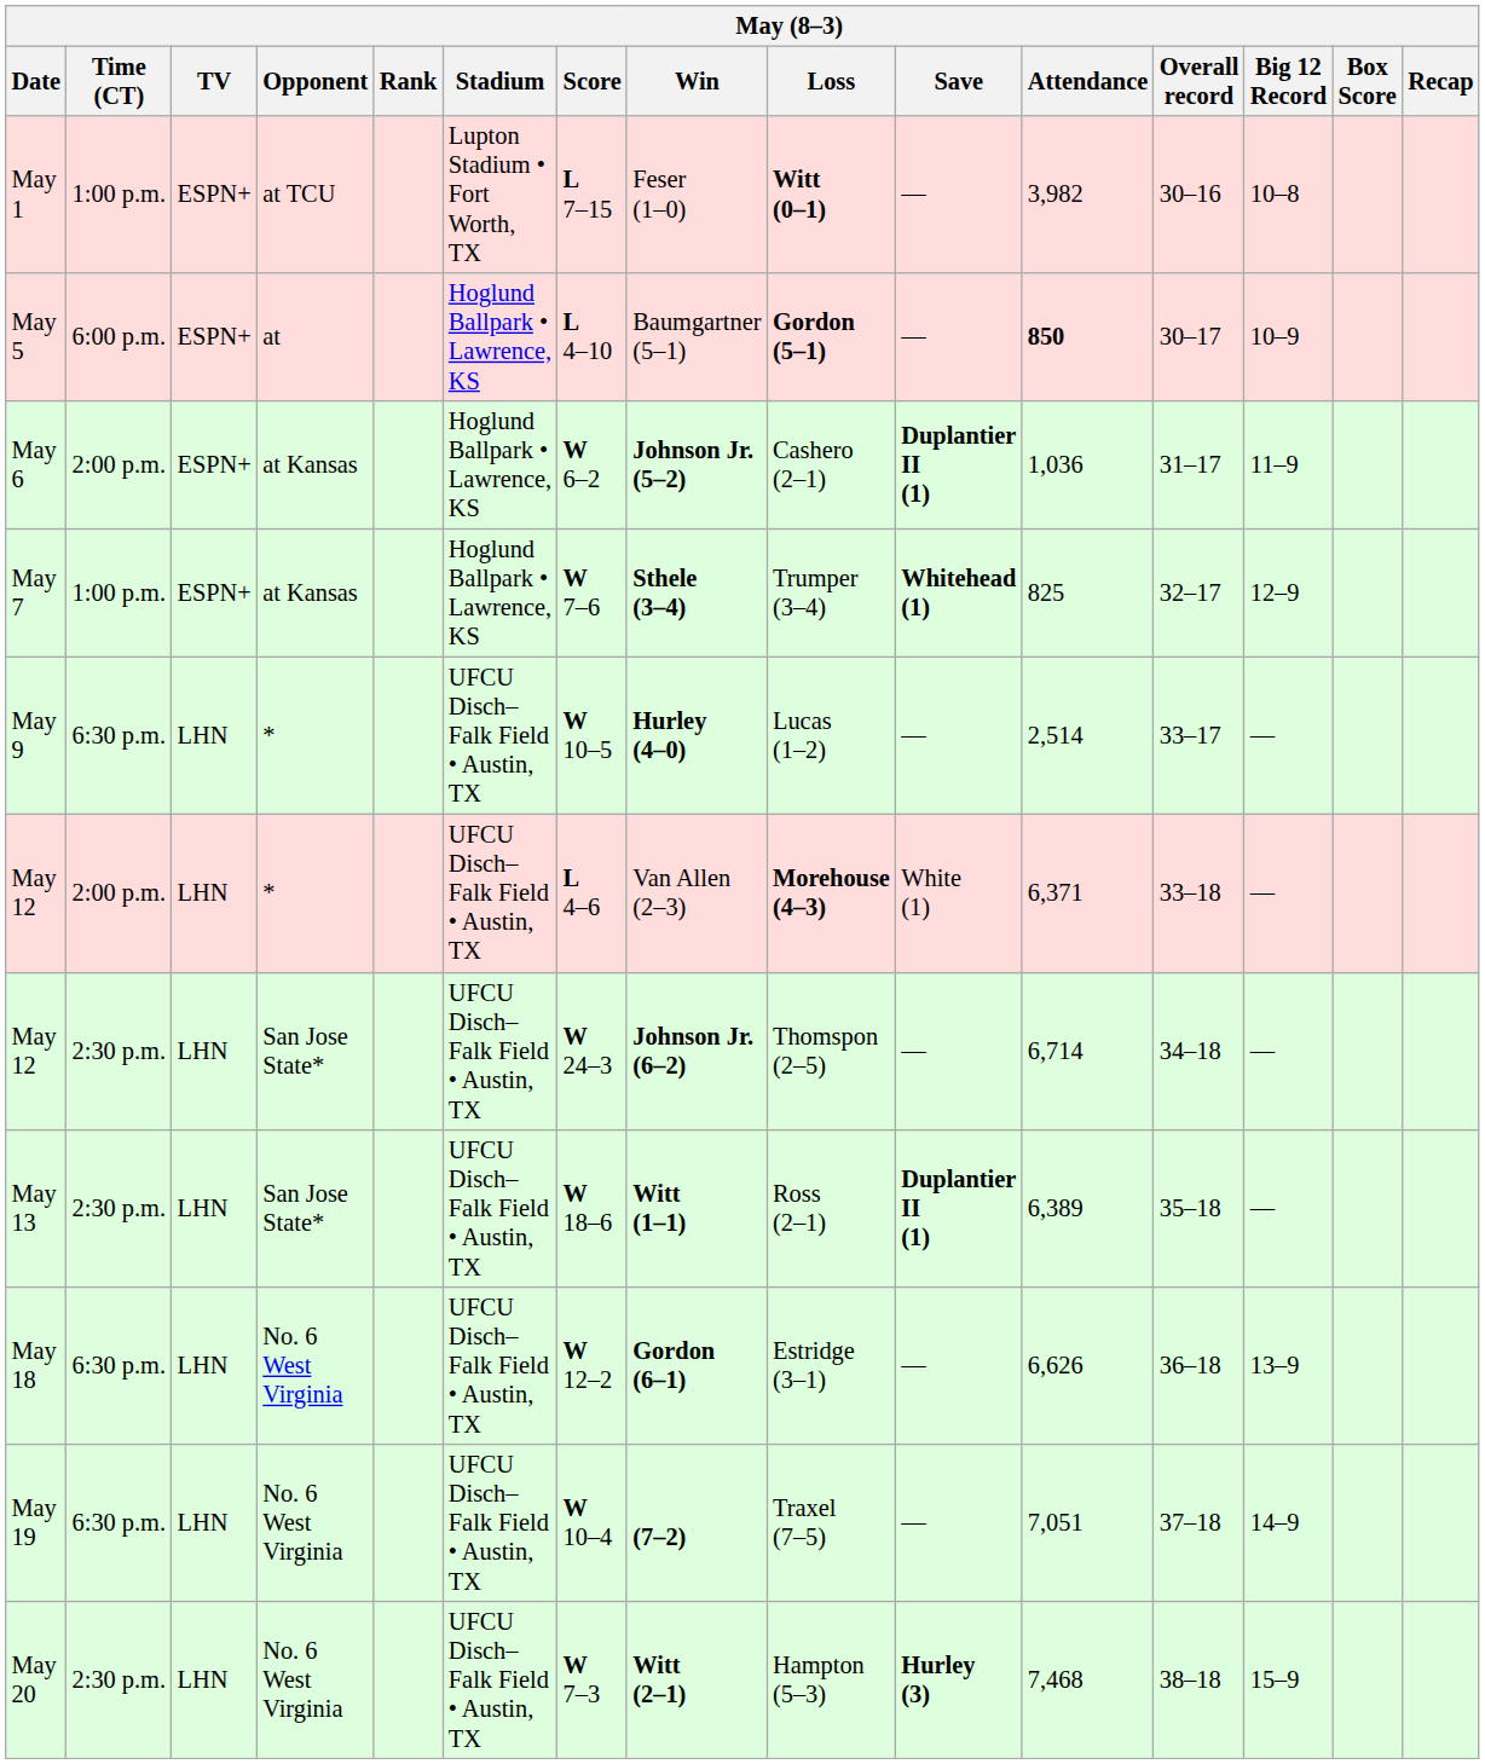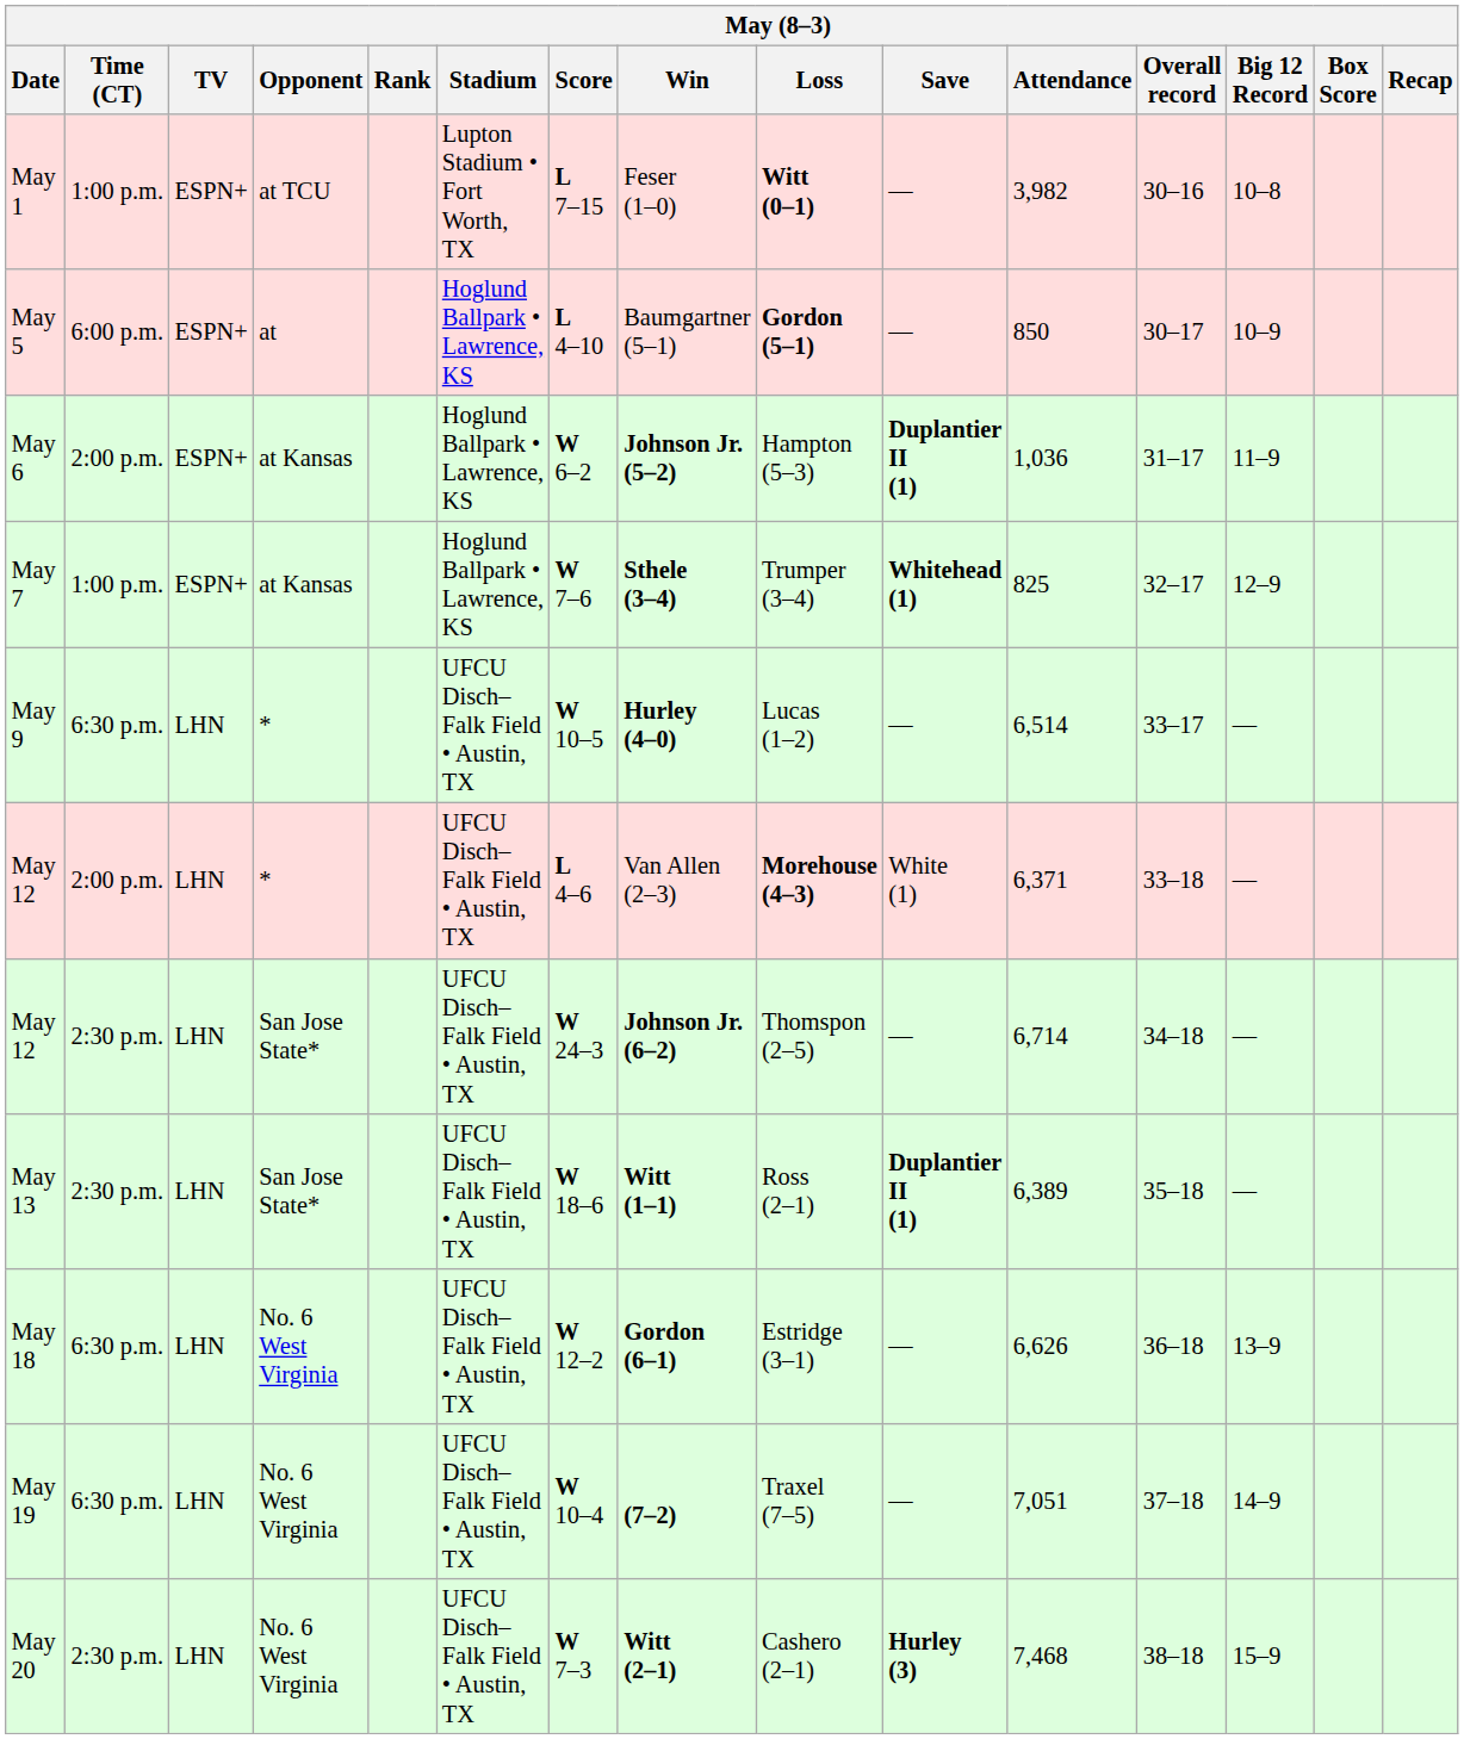 <table class="wikitable collapsible collapsed" style="margin:auto; font-size:95%; width:100%">
 <tr>
 <th colspan=15 style="padding-left:4em;">May (8–3)</th>
 </tr>
 <tr>
 <th>Date</th>
 <th>Time (CT)</th>
 <th>TV</th>
 <th>Opponent</th>
 <th>Rank</th>
 <th>Stadium</th>
 <th>Score</th>
 <th>Win</th>
 <th>Loss</th>
 <th>Save</th>
 <th>Attendance</th>
 <th>Overall record</th>
 <th>Big 12 Record</th>
 <th>Box Score</th>
 <th>Recap</th>
 </tr>
 <tr bgcolor= ffdddd>
 <td>May 1</td>
 <td>1:00 p.m.</td>
 <td>ESPN+</td>
 <td>at TCU</td>
 <td></td>
 <td>Lupton Stadium • Fort Worth, TX</td>
 <td><strong>L</strong><br>7–15</td>
 <td>Feser<br>(1–0)</td>
 <td><strong>Witt<br>(0–1)</strong></td>
 <td>—</td>
 <td>3,982</td>
 <td>30–16</td>
 <td>10–8</td>
 <td></td>
 <td></td>
 </tr>
 <tr bgcolor= ffdddd>
 <td>May 5</td>
 <td>6:00 p.m.</td>
 <td>ESPN+</td>
 <td>at </td>
 <td></td>
 <td><a href='#'>Hoglund Ballpark</a> • <a href='#'>Lawrence, KS</a></td>
 <td><strong>L</strong><br>4–10</td>
 <td>Baumgartner<br>(5–1)</td>
 <td><strong>Gordon<br>(5–1)</strong></td>
 <td>—</td>
-<td><strong>850</strong></td>
+<td>850</td>
 <td>30–17</td>
 <td>10–9</td>
 <td></td>
 <td></td>
 </tr>
 <tr bgcolor= ddffdd>
 <td>May 6</td>
 <td>2:00 p.m.</td>
 <td>ESPN+</td>
 <td>at Kansas</td>
 <td></td>
 <td>Hoglund Ballpark • Lawrence, KS</td>
 <td><strong>W</strong><br>6–2</td>
 <td><strong>Johnson Jr. <br>(5–2)</strong></td>
-<td>Cashero<br>(2–1)</td>
+<td>Hampton<br>(5–3)</td>
 <td><strong>Duplantier II<br>(1)</strong></td>
 <td>1,036</td>
 <td>31–17</td>
 <td>11–9</td>
 <td></td>
 <td></td>
 </tr>
 <tr bgcolor= ddffdd>
 <td>May 7</td>
 <td>1:00 p.m.</td>
 <td>ESPN+</td>
 <td>at Kansas</td>
 <td></td>
 <td>Hoglund Ballpark • Lawrence, KS</td>
 <td><strong>W</strong><br>7–6</td>
 <td><strong>Sthele<br>(3–4)</strong></td>
 <td>Trumper<br>(3–4)</td>
 <td><strong>Whitehead<br>(1)</strong></td>
 <td>825</td>
 <td>32–17</td>
 <td>12–9</td>
 <td></td>
 <td></td>
 </tr>
 <tr bgcolor= ddffdd>
 <td>May 9</td>
 <td>6:30 p.m.</td>
 <td>LHN</td>
 <td>*</td>
 <td></td>
 <td>UFCU Disch–Falk Field • Austin, TX</td>
 <td><strong>W</strong><br>10–5</td>
 <td><strong>Hurley<br>(4–0)</strong></td>
 <td>Lucas<br>(1–2)</td>
 <td>—</td>
-<td>2,514</td>
+<td>6,514</td>
 <td>33–17</td>
 <td>—</td>
 <td></td>
 <td></td>
 </tr>
 <tr bgcolor= ffdddd>
 <td>May 12</td>
 <td>2:00 p.m.</td>
 <td>LHN</td>
 <td>*</td>
 <td></td>
 <td>UFCU Disch–Falk Field • Austin, TX</td>
 <td><strong>L</strong><br>4–6</td>
 <td>Van Allen<br>(2–3)</td>
 <td><strong>Morehouse<br>(4–3)</strong></td>
 <td>White<br>(1)</td>
 <td>6,371</td>
 <td>33–18</td>
 <td>—</td>
 <td></td>
 <td></td>
 </tr>
 <tr bgcolor= ddffdd>
 <td>May 12</td>
 <td>2:30 p.m.</td>
 <td>LHN</td>
 <td>San Jose State*</td>
 <td></td>
 <td>UFCU Disch–Falk Field • Austin, TX</td>
 <td><strong>W</strong><br>24–3</td>
 <td><strong>Johnson Jr.<br>(6–2)</strong></td>
 <td>Thomspon<br>(2–5)</td>
 <td>—</td>
 <td>6,714</td>
 <td>34–18</td>
 <td>—</td>
 <td></td>
 <td></td>
 </tr>
 <tr bgcolor= ddffdd>
 <td>May 13</td>
 <td>2:30 p.m.</td>
 <td>LHN</td>
 <td>San Jose State*</td>
 <td></td>
 <td>UFCU Disch–Falk Field • Austin, TX</td>
 <td><strong>W</strong><br>18–6</td>
 <td><strong>Witt<br>(1–1)</strong></td>
 <td>Ross<br>(2–1)</td>
 <td><strong>Duplantier II<br>(1)</strong></td>
 <td>6,389</td>
 <td>35–18</td>
 <td>—</td>
 <td></td>
 <td></td>
 </tr>
 <tr bgcolor= ddffdd>
 <td>May 18</td>
 <td>6:30 p.m.</td>
 <td>LHN</td>
 <td>No. 6 <a href='#'>West Virginia</a></td>
 <td></td>
 <td>UFCU Disch–Falk Field • Austin, TX</td>
 <td><strong>W</strong><br>12–2</td>
 <td><strong>Gordon<br>(6–1)</strong></td>
 <td>Estridge<br>(3–1)</td>
 <td>—</td>
 <td>6,626</td>
 <td>36–18</td>
 <td>13–9</td>
 <td></td>
 <td></td>
 </tr>
 <tr bgcolor= ddffdd>
 <td>May 19</td>
 <td>6:30 p.m.</td>
 <td>LHN</td>
 <td>No. 6 West Virginia</td>
 <td></td>
 <td>UFCU Disch–Falk Field • Austin, TX</td>
 <td><strong>W</strong><br>10–4</td>
 <td><strong><br>(7–2)</strong></td>
 <td>Traxel<br>(7–5)</td>
 <td>—</td>
 <td>7,051</td>
 <td>37–18</td>
 <td>14–9</td>
 <td></td>
 <td></td>
 </tr>
 <tr bgcolor= ddffdd>
 <td>May 20</td>
 <td>2:30 p.m.</td>
 <td>LHN</td>
 <td>No. 6 West Virginia</td>
 <td></td>
 <td>UFCU Disch–Falk Field • Austin, TX</td>
 <td><strong>W</strong><br>7–3</td>
 <td><strong>Witt<br>(2–1)</strong></td>
-<td>Hampton<br>(5–3)</td>
+<td>Cashero<br>(2–1)</td>
 <td><strong>Hurley<br>(3)</strong></td>
 <td>7,468</td>
 <td>38–18</td>
 <td>15–9</td>
 <td></td>
 <td></td>
 </tr>
 </table>
